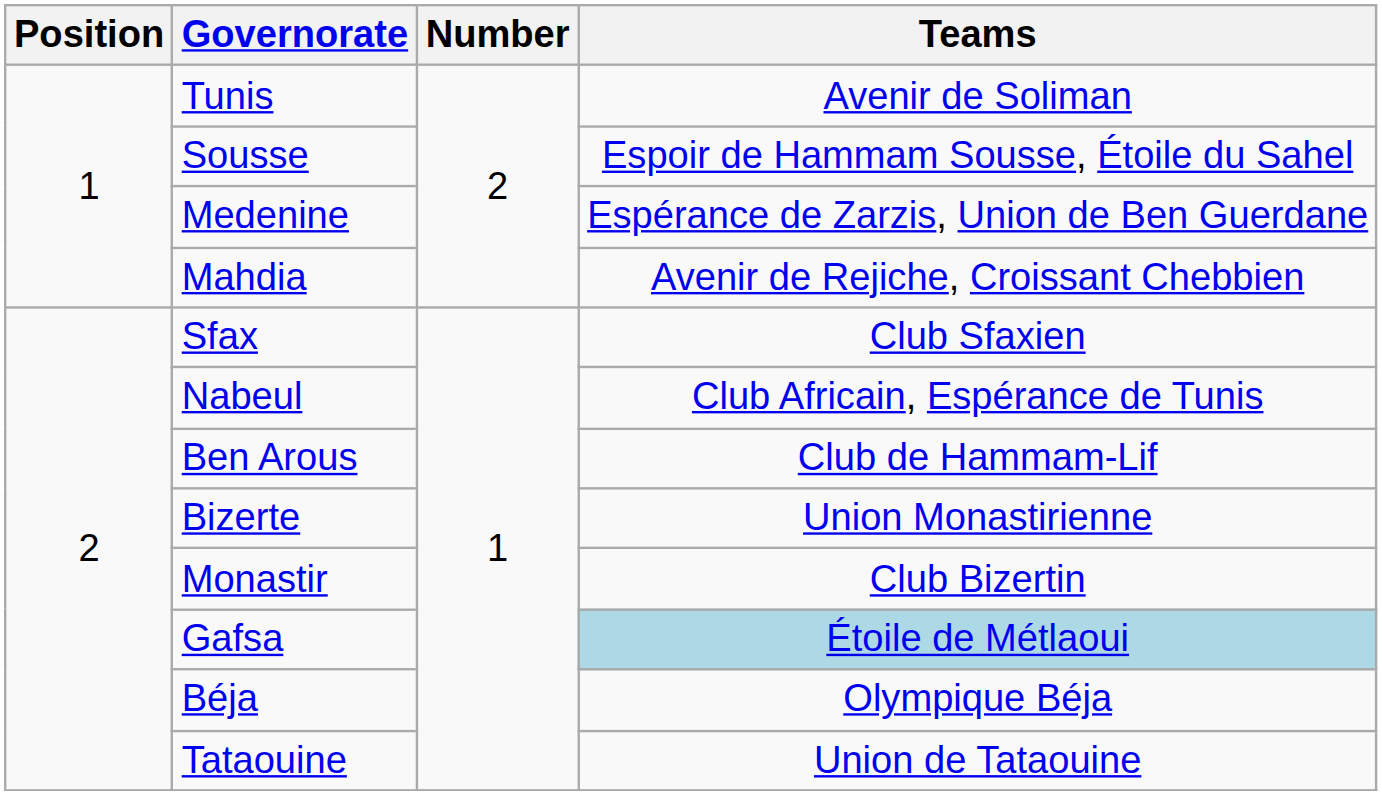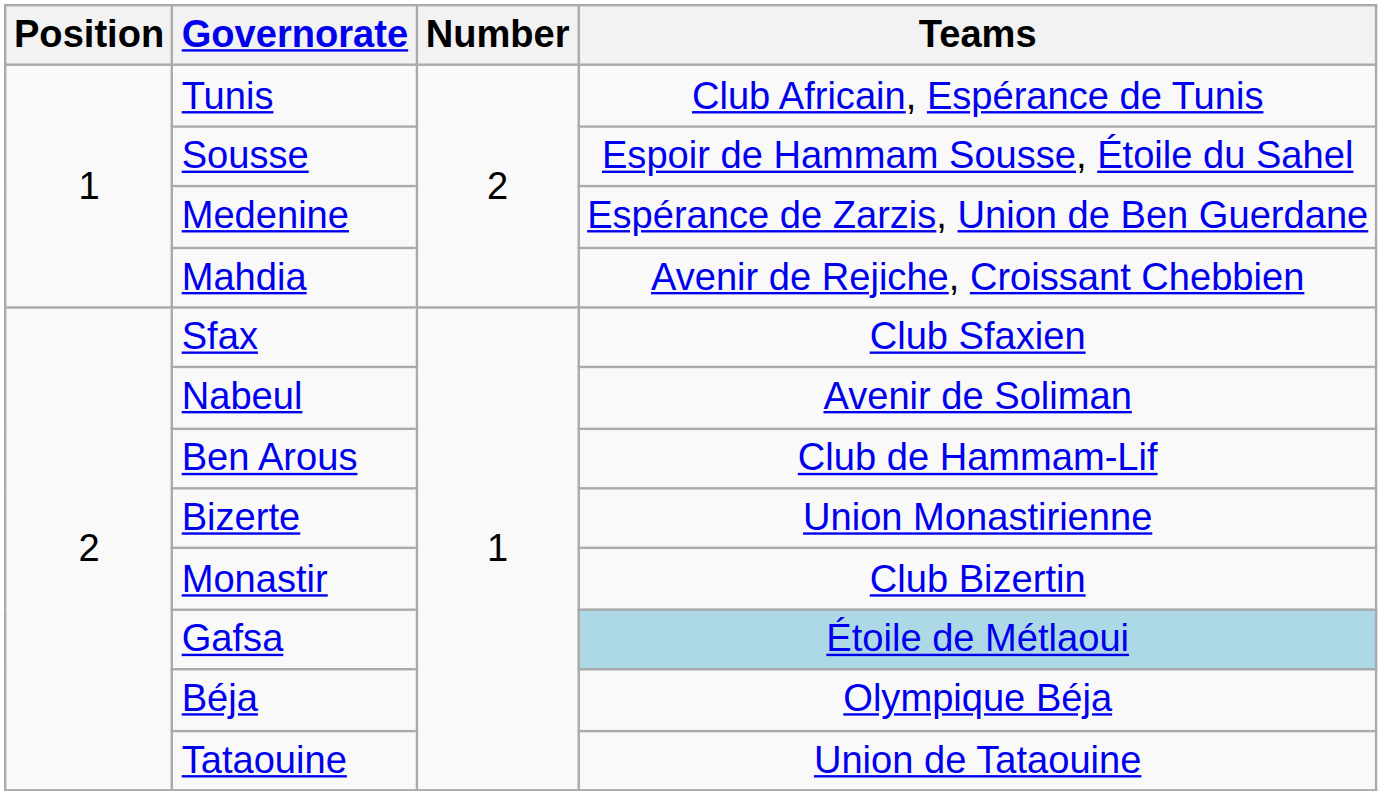 <table class="wikitable">
 <tr>
 <th>Position</th>
 <th><a href='#'>Governorate</a></th>
 <th>Number</th>
 <th>Teams</th>
 </tr>
 <tr>
 <td align=center rowspan="4">1</td>
 <td><a href='#'>Tunis</a></td>
 <td align=center rowspan="4">2</td>
-<td align=center><a href='#'>Avenir de Soliman</a></td>
+<td align=center><a href='#'>Club Africain</a>, <a href='#'>Espérance de Tunis</a></td>
 </tr>
 <tr>
 <td><a href='#'>Sousse</a></td>
 <td align=center><a href='#'>Espoir de Hammam Sousse</a>, <a href='#'>Étoile du Sahel</a></td>
 </tr>
 <tr>
 <td><a href='#'>Medenine</a></td>
 <td align=center><a href='#'>Espérance de Zarzis</a>, <a href='#'>Union de Ben Guerdane</a></td>
 </tr>
 <tr>
 <td><a href='#'>Mahdia</a></td>
 <td align=center><a href='#'>Avenir de Rejiche</a>, <a href='#'>Croissant Chebbien</a></td>
 </tr>
 <tr>
 <td align=center rowspan="8">2</td>
 <td><a href='#'>Sfax</a></td>
 <td align=center rowspan="8">1</td>
 <td align=center><a href='#'>Club Sfaxien</a></td>
 </tr>
 <tr>
 <td><a href='#'>Nabeul</a></td>
-<td align=center><a href='#'>Club Africain</a>, <a href='#'>Espérance de Tunis</a></td>
+<td align=center><a href='#'>Avenir de Soliman</a></td>
 </tr>
 <tr>
 <td><a href='#'>Ben Arous</a></td>
 <td align=center><a href='#'>Club de Hammam-Lif</a></td>
 </tr>
 <tr>
 <td><a href='#'>Bizerte</a></td>
 <td align=center><a href='#'>Union Monastirienne</a></td>
 </tr>
 <tr>
 <td><a href='#'>Monastir</a></td>
 <td align=center><a href='#'>Club Bizertin</a></td>
 </tr>
 <tr>
 <td><a href='#'>Gafsa</a></td>
 <td align=center style="background: lightblue;"><a href='#'>Étoile de Métlaoui</a></td>
 </tr>
 <tr>
 <td><a href='#'>Béja</a></td>
 <td align=center><a href='#'>Olympique Béja</a></td>
 </tr>
 <tr>
 <td><a href='#'>Tataouine</a></td>
 <td align=center><a href='#'>Union de Tataouine</a></td>
 </tr>
 <tr>
 </tr>
 </table>
